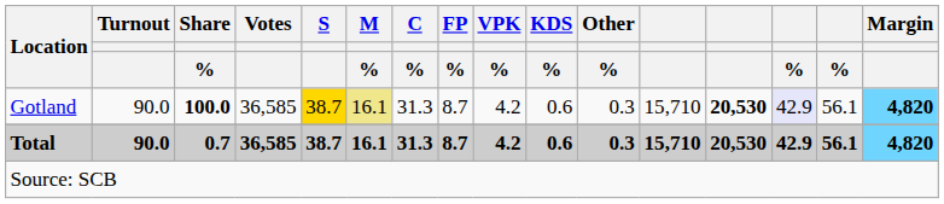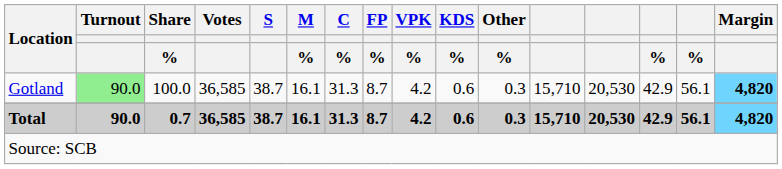 <table class="wikitable sortable" style="text-align:right; font-size:95%; line-height:20px;">
 <tr>
 <th rowspan="3">Location</th>
 <th>Turnout</th>
 <th>Share</th>
 <th>Votes</th>
 <th width="30px" class="unsortable"><a href='#'>S</a></th>
 <th width="30px" class="unsortable"><a href='#'>M</a></th>
 <th width="30px" class="unsortable"><a href='#'>C</a></th>
 <th width="30px" class="unsortable"><a href='#'>FP</a></th>
 <th width="30px" class="unsortable"><a href='#'>VPK</a></th>
 <th width="30px" class="unsortable"><a href='#'>KDS</a></th>
 <th width="30px" class="unsortable">Other</th>
 <th></th>
 <th></th>
 <th></th>
 <th></th>
 <th>Margin</th>
 </tr>
 <tr>
 <th></th>
 <th></th>
 <th></th>
 <th style="background:"></th>
 <th style="background:"></th>
 <th style="background:"></th>
 <th style="background:"></th>
 <th style="background:"></th>
 <th style="background:"></th>
 <th style="background:"></th>
 <th style="background:"></th>
 <th style="background:"></th>
 <th style="background:"></th>
 <th style="background:"></th>
 <th></th>
 </tr>
 <tr>
 <th></th>
 <th data-sort-type="number">%</th>
 <th data-sort-type="number"></th>
 <th></th>
 <th data-sort-type="number">%</th>
 <th data-sort-type="number">%</th>
 <th data-sort-type="number">%</th>
 <th data-sort-type="number">%</th>
 <th data-sort-type="number">%</th>
 <th data-sort-type="number">%</th>
 <th data-sort-type="number"></th>
 <th data-sort-type="number"></th>
 <th data-sort-type="number">%</th>
 <th data-sort-type="number">%</th>
 <th data-sort-type="number"></th>
 </tr>
 <tr>
 <td align=left><a href='#'>Gotland</a></td>
-<td>90.0</td>
-<td><strong>100.0</strong></td>
+<td style="background: lightgreen;">90.0</td>
+<td>100.0</td>
 <td>36,585</td>
-<td style="background: gold;">38.7</td>
-<td style="background: khaki;">16.1</td>
+<td>38.7</td>
+<td>16.1</td>
 <td>31.3</td>
 <td>8.7</td>
 <td>4.2</td>
 <td>0.6</td>
 <td>0.3</td>
 <td>15,710</td>
-<td><strong>20,530</strong></td>
-<td style="background: lavender;">42.9</td>
+<td>20,530</td>
+<td>42.9</td>
 <td>56.1</td>
 <td bgcolor=#6fd5fe><strong>4,820</strong></td>
 </tr>
 <tr>
 </tr>
 <tr style="background:#CDCDCD;">
 <td align=left><strong>Total</strong></td>
 <td><strong>90.0</strong></td>
 <td><strong>0.7</strong></td>
 <td><strong>36,585</strong></td>
 <td><strong>38.7</strong></td>
 <td><strong>16.1</strong></td>
 <td><strong>31.3</strong></td>
 <td><strong>8.7</strong></td>
 <td><strong>4.2</strong></td>
 <td><strong>0.6</strong></td>
 <td><strong>0.3</strong></td>
 <td><strong>15,710</strong></td>
 <td><strong>20,530</strong></td>
 <td><strong>42.9</strong></td>
 <td><strong>56.1</strong></td>
 <td bgcolor=#6fd5fe><strong>4,820</strong></td>
 </tr>
 <tr>
 <td align=left colspan=16>Source: SCB </td>
 </tr>
 </table>
